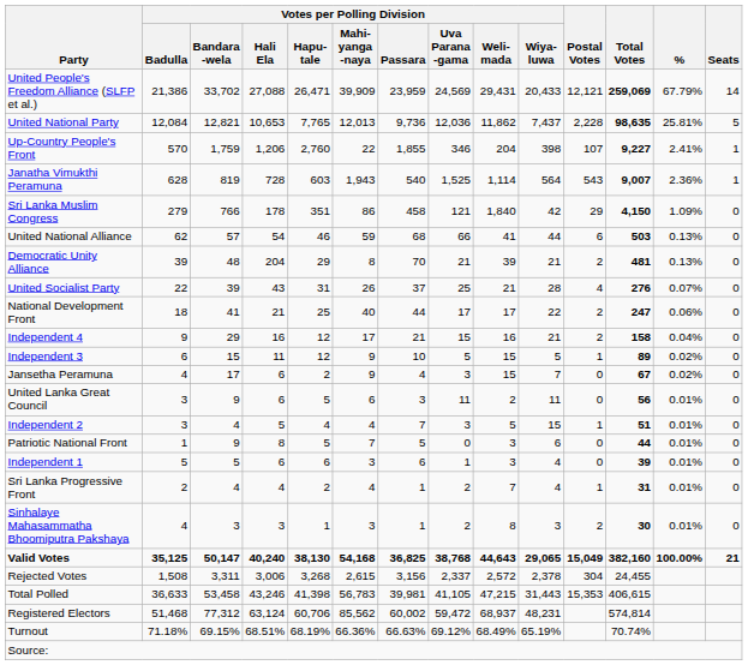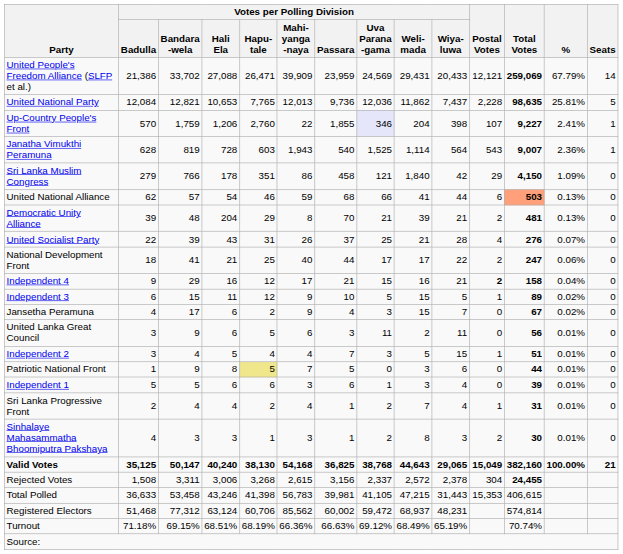 <table class="wikitable" border="1" style="text-align:right;">
 <tr>
 <th align=left valign=bottom rowspan=2 width="180">Party</th>
 <th colspan=9>Votes per Polling Division</th>
 <th align=center valign=bottom rowspan=2 width="50">Postal<br>Votes</th>
 <th align=center valign=bottom rowspan=2 width="50">Total Votes</th>
 <th align=center valign=bottom rowspan=2 width="50">%</th>
 <th align=center valign=bottom rowspan=2 width="40">Seats</th>
 </tr>
 <tr>
 <th align=center valign=bottom width="50">Badulla</th>
 <th align=center valign=bottom width="50">Bandara<br>-wela</th>
 <th align=center valign=bottom width="50">Hali<br>Ela</th>
 <th !align=center valign=bottom width="50">Hapu-<br>tale</th>
 <th align=center valign=bottom width="50">Mahi-<br>yanga<br>-naya</th>
 <th align=center valign=bottom width="50">Passara</th>
 <th align=center valign=bottom width="50">Uva<br>Parana<br>-gama</th>
 <th align=center valign=bottom width="50">Weli-<br>mada</th>
 <th align=center valign=bottom width="50">Wiya-<br>luwa</th>
 </tr>
 <tr>
 <td align=left><a href='#'>United People's Freedom Alliance</a> (<a href='#'>SLFP</a> et al.)</td>
 <td>21,386</td>
 <td>33,702</td>
 <td>27,088</td>
 <td>26,471</td>
 <td>39,909</td>
 <td>23,959</td>
 <td>24,569</td>
 <td>29,431</td>
 <td>20,433</td>
 <td>12,121</td>
 <td><strong>259,069</strong></td>
 <td>67.79%</td>
 <td>14</td>
 </tr>
 <tr>
 <td align=left><a href='#'>United National Party</a></td>
 <td>12,084</td>
 <td>12,821</td>
 <td>10,653</td>
 <td>7,765</td>
 <td>12,013</td>
 <td>9,736</td>
 <td>12,036</td>
 <td>11,862</td>
 <td>7,437</td>
 <td>2,228</td>
 <td><strong>98,635</strong></td>
 <td>25.81%</td>
 <td>5</td>
 </tr>
 <tr>
 <td align=left><a href='#'>Up-Country People's Front</a></td>
 <td>570</td>
 <td>1,759</td>
 <td>1,206</td>
 <td>2,760</td>
 <td>22</td>
 <td>1,855</td>
-<td>346</td>
+<td style="background: lavender;">346</td>
 <td>204</td>
 <td>398</td>
 <td>107</td>
 <td><strong>9,227</strong></td>
 <td>2.41%</td>
 <td>1</td>
 </tr>
 <tr>
 <td align=left><a href='#'>Janatha Vimukthi Peramuna</a></td>
 <td>628</td>
 <td>819</td>
 <td>728</td>
 <td>603</td>
 <td>1,943</td>
 <td>540</td>
 <td>1,525</td>
 <td>1,114</td>
 <td>564</td>
 <td>543</td>
 <td><strong>9,007</strong></td>
 <td>2.36%</td>
 <td>1</td>
 </tr>
 <tr>
 <td align=left><a href='#'>Sri Lanka Muslim Congress</a></td>
 <td>279</td>
 <td>766</td>
 <td>178</td>
 <td>351</td>
 <td>86</td>
 <td>458</td>
 <td>121</td>
 <td>1,840</td>
 <td>42</td>
 <td>29</td>
 <td><strong>4,150</strong></td>
 <td>1.09%</td>
 <td>0</td>
 </tr>
 <tr>
 <td align=left>United National Alliance</td>
 <td>62</td>
 <td>57</td>
 <td>54</td>
 <td>46</td>
 <td>59</td>
 <td>68</td>
 <td>66</td>
 <td>41</td>
 <td>44</td>
 <td>6</td>
-<td><strong>503</strong></td>
+<td style="background: lightsalmon;"><strong>503</strong></td>
 <td>0.13%</td>
 <td>0</td>
 </tr>
 <tr>
 <td align=left><a href='#'>Democratic Unity Alliance</a></td>
 <td>39</td>
 <td>48</td>
 <td>204</td>
 <td>29</td>
 <td>8</td>
 <td>70</td>
 <td>21</td>
 <td>39</td>
 <td>21</td>
 <td>2</td>
 <td><strong>481</strong></td>
 <td>0.13%</td>
 <td>0</td>
 </tr>
 <tr>
 <td align=left><a href='#'>United Socialist Party</a></td>
 <td>22</td>
 <td>39</td>
 <td>43</td>
 <td>31</td>
 <td>26</td>
 <td>37</td>
 <td>25</td>
 <td>21</td>
 <td>28</td>
 <td>4</td>
 <td><strong>276</strong></td>
 <td>0.07%</td>
 <td>0</td>
 </tr>
 <tr>
 <td align=left>National Development Front</td>
 <td>18</td>
 <td>41</td>
 <td>21</td>
 <td>25</td>
 <td>40</td>
 <td>44</td>
 <td>17</td>
 <td>17</td>
 <td>22</td>
 <td>2</td>
 <td><strong>247</strong></td>
 <td>0.06%</td>
 <td>0</td>
 </tr>
 <tr>
 <td align=left><a href='#'>Independent 4</a></td>
 <td>9</td>
 <td>29</td>
 <td>16</td>
 <td>12</td>
 <td>17</td>
 <td>21</td>
 <td>15</td>
 <td>16</td>
 <td>21</td>
-<td>2</td>
+<td><strong>2</strong></td>
 <td><strong>158</strong></td>
 <td>0.04%</td>
 <td>0</td>
 </tr>
 <tr>
 <td align=left><a href='#'>Independent 3</a></td>
 <td>6</td>
 <td>15</td>
 <td>11</td>
 <td>12</td>
 <td>9</td>
 <td>10</td>
 <td>5</td>
 <td>15</td>
 <td>5</td>
 <td>1</td>
 <td><strong>89</strong></td>
 <td>0.02%</td>
 <td>0</td>
 </tr>
 <tr>
 <td align=left>Jansetha Peramuna</td>
 <td>4</td>
 <td>17</td>
 <td>6</td>
 <td>2</td>
 <td>9</td>
 <td>4</td>
 <td>3</td>
 <td>15</td>
 <td>7</td>
 <td>0</td>
 <td><strong>67</strong></td>
 <td>0.02%</td>
 <td>0</td>
 </tr>
 <tr>
 <td align=left>United Lanka Great Council</td>
 <td>3</td>
 <td>9</td>
 <td>6</td>
 <td>5</td>
 <td>6</td>
 <td>3</td>
 <td>11</td>
 <td>2</td>
 <td>11</td>
 <td>0</td>
 <td><strong>56</strong></td>
 <td>0.01%</td>
 <td>0</td>
 </tr>
 <tr>
 <td align=left><a href='#'>Independent 2</a></td>
 <td>3</td>
 <td>4</td>
 <td>5</td>
 <td>4</td>
 <td>4</td>
 <td>7</td>
 <td>3</td>
 <td>5</td>
 <td>15</td>
 <td>1</td>
 <td><strong>51</strong></td>
 <td>0.01%</td>
 <td>0</td>
 </tr>
 <tr>
 <td align=left>Patriotic National Front</td>
 <td>1</td>
 <td>9</td>
 <td>8</td>
-<td>5</td>
+<td style="background: khaki;">5</td>
 <td>7</td>
 <td>5</td>
 <td>0</td>
 <td>3</td>
 <td>6</td>
 <td>0</td>
 <td><strong>44</strong></td>
 <td>0.01%</td>
 <td>0</td>
 </tr>
 <tr>
 <td align=left><a href='#'>Independent 1</a></td>
 <td>5</td>
 <td>5</td>
 <td>6</td>
 <td>6</td>
 <td>3</td>
 <td>6</td>
 <td>1</td>
 <td>3</td>
 <td>4</td>
 <td>0</td>
 <td><strong>39</strong></td>
 <td>0.01%</td>
 <td>0</td>
 </tr>
 <tr>
 <td align=left>Sri Lanka Progressive Front</td>
 <td>2</td>
 <td>4</td>
 <td>4</td>
 <td>2</td>
 <td>4</td>
 <td>1</td>
 <td>2</td>
 <td>7</td>
 <td>4</td>
 <td>1</td>
 <td><strong>31</strong></td>
 <td>0.01%</td>
 <td>0</td>
 </tr>
 <tr>
 <td align=left><a href='#'>Sinhalaye Mahasammatha Bhoomiputra Pakshaya</a></td>
 <td>4</td>
 <td>3</td>
 <td>3</td>
 <td>1</td>
 <td>3</td>
 <td>1</td>
 <td>2</td>
 <td>8</td>
 <td>3</td>
 <td>2</td>
 <td><strong>30</strong></td>
 <td>0.01%</td>
 <td>0</td>
 </tr>
 <tr>
 <td align=left><strong>Valid Votes</strong></td>
 <td><strong>35,125</strong></td>
 <td><strong>50,147</strong></td>
 <td><strong>40,240</strong></td>
 <td><strong>38,130</strong></td>
 <td><strong>54,168</strong></td>
 <td><strong>36,825</strong></td>
 <td><strong>38,768</strong></td>
 <td><strong>44,643</strong></td>
 <td><strong>29,065</strong></td>
 <td><strong>15,049</strong></td>
 <td><strong>382,160</strong></td>
 <td><strong>100.00%</strong></td>
 <td><strong>21</strong></td>
 </tr>
 <tr>
 <td align=left>Rejected Votes</td>
 <td>1,508</td>
 <td>3,311</td>
 <td>3,006</td>
 <td>3,268</td>
 <td>2,615</td>
 <td>3,156</td>
 <td>2,337</td>
 <td>2,572</td>
 <td>2,378</td>
 <td>304</td>
-<td>24,455</td>
+<td><strong>24,455</strong></td>
 <td></td>
 <td></td>
 </tr>
 <tr>
 <td align=left>Total Polled</td>
 <td>36,633</td>
 <td>53,458</td>
 <td>43,246</td>
 <td>41,398</td>
 <td>56,783</td>
 <td>39,981</td>
 <td>41,105</td>
 <td>47,215</td>
 <td>31,443</td>
 <td>15,353</td>
 <td>406,615</td>
 <td></td>
 <td></td>
 </tr>
 <tr>
 <td align=left>Registered Electors</td>
 <td>51,468</td>
 <td>77,312</td>
 <td>63,124</td>
 <td>60,706</td>
 <td>85,562</td>
 <td>60,002</td>
 <td>59,472</td>
 <td>68,937</td>
 <td>48,231</td>
 <td></td>
 <td>574,814</td>
 <td></td>
 <td></td>
 </tr>
 <tr>
 <td align=left>Turnout</td>
 <td>71.18%</td>
 <td>69.15%</td>
 <td>68.51%</td>
 <td>68.19%</td>
 <td>66.36%</td>
 <td>66.63%</td>
 <td>69.12%</td>
 <td>68.49%</td>
 <td>65.19%</td>
 <td></td>
 <td>70.74%</td>
 <td></td>
 <td></td>
 </tr>
 <tr>
 <td align=left colspan=15>Source:</td>
 </tr>
 </table>
